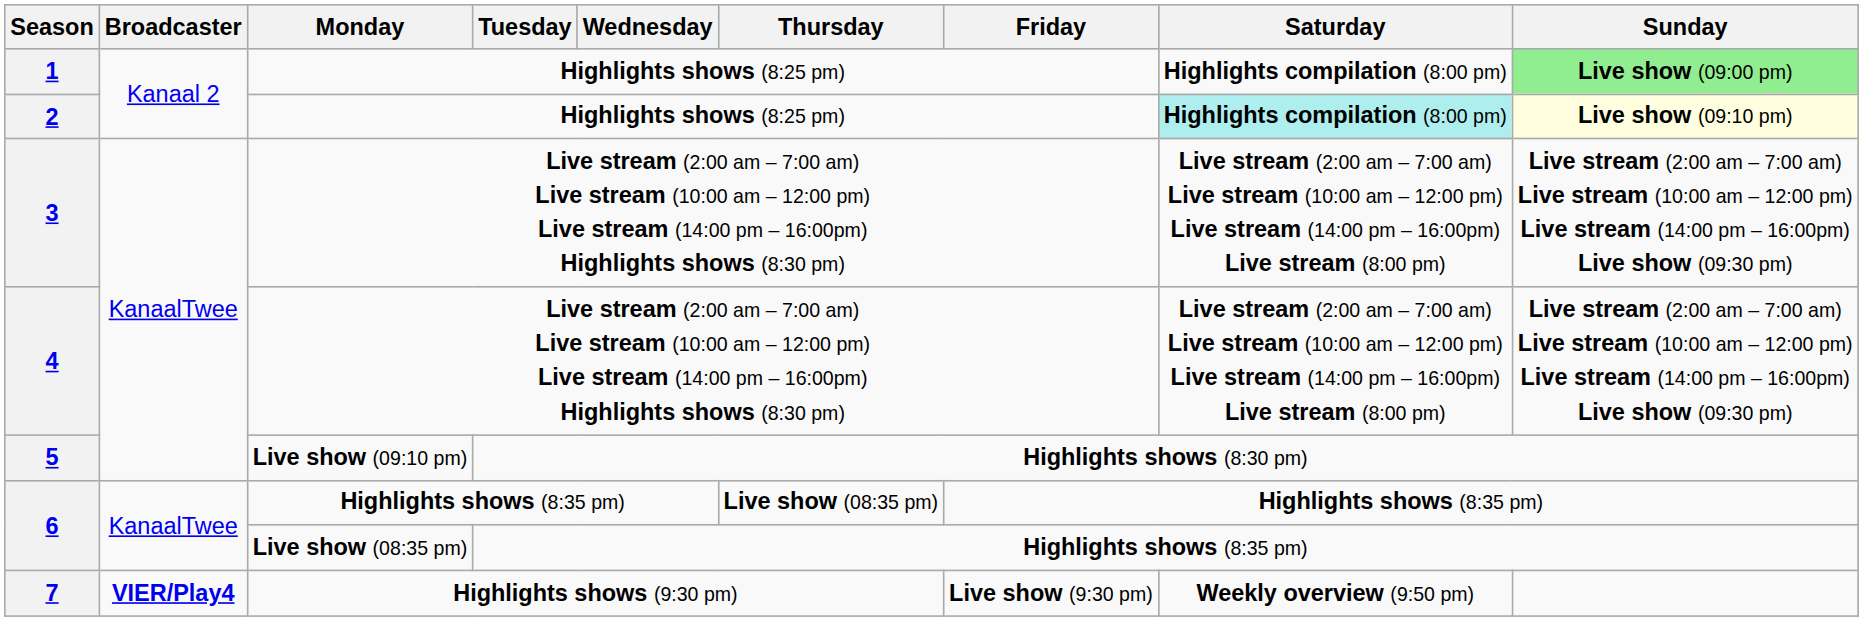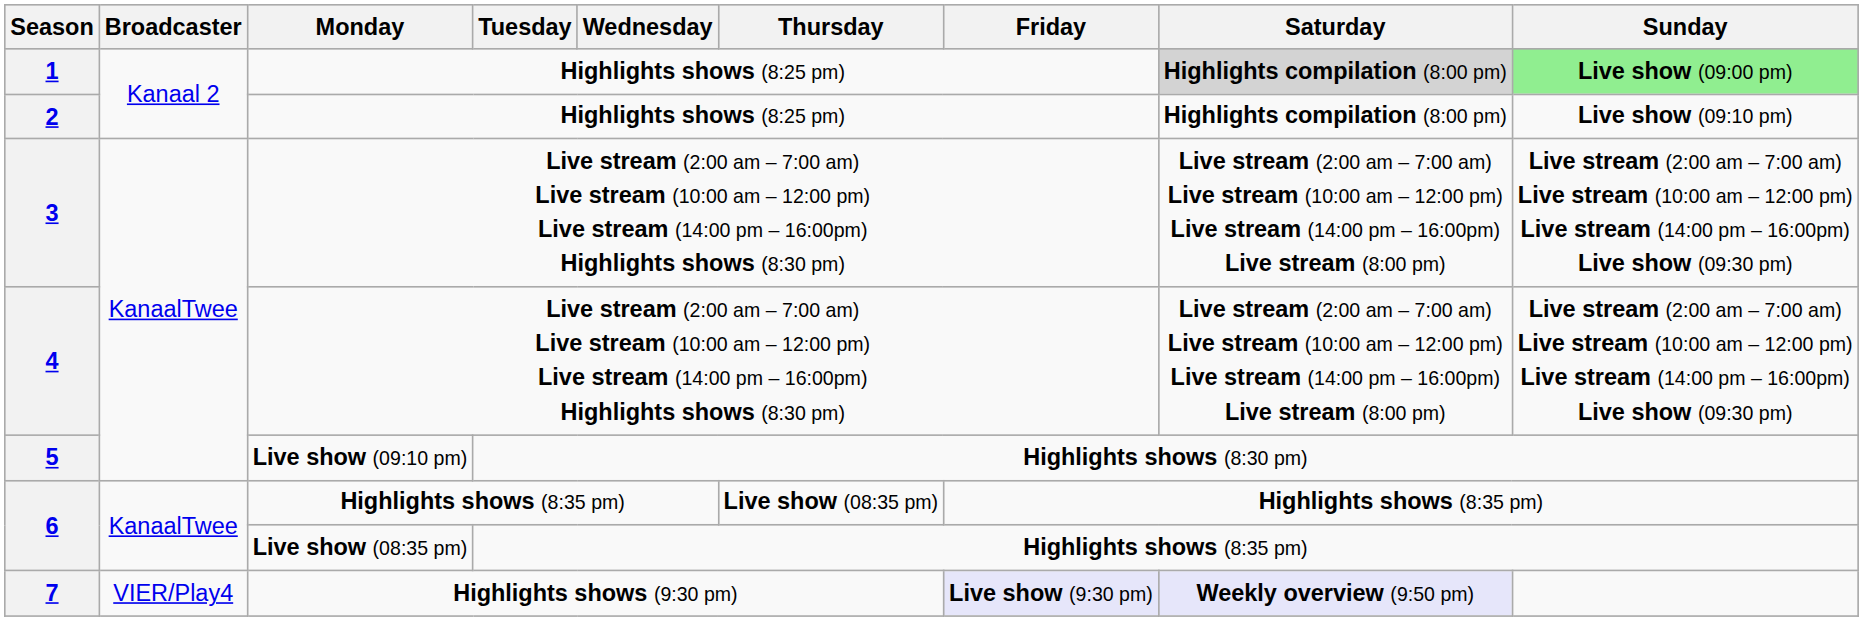 <table class="wikitable" style="text-align:center; font-size:90%; line-height:20px; width:auto">
 <tr>
 <th>Season</th>
 <th>Broadcaster</th>
 <th>Monday</th>
 <th>Tuesday</th>
 <th>Wednesday</th>
 <th>Thursday</th>
 <th>Friday</th>
 <th>Saturday</th>
 <th>Sunday</th>
 </tr>
 <tr>
 <th><a href='#'>1</a></th>
 <td rowspan="2"><a href='#'>Kanaal 2</a></td>
 <td colspan="5"><strong>Highlights shows</strong> <small>(8:25 pm)</small></td>
-<td><strong>Highlights compilation</strong> <small>(8:00 pm)</small></td>
+<td style="background: lightgrey;"><strong>Highlights compilation</strong> <small>(8:00 pm)</small></td>
 <td style="background: lightgreen;"><strong>Live show</strong> <small>(09:00 pm)</small></td>
 </tr>
 <tr>
 <th><a href='#'>2</a></th>
 <td colspan="5"><strong>Highlights shows</strong> <small>(8:25 pm)</small></td>
-<td style="background: paleturquoise;"><strong>Highlights compilation</strong> <small>(8:00 pm)</small></td>
-<td style="background: lightyellow;"><strong>Live show</strong> <small>(09:10 pm)</small></td>
+<td><strong>Highlights compilation</strong> <small>(8:00 pm)</small></td>
+<td><strong>Live show</strong> <small>(09:10 pm)</small></td>
 </tr>
 <tr>
 <th><a href='#'>3</a></th>
 <td rowspan="3"><a href='#'>KanaalTwee</a></td>
 <td colspan="5"><strong>Live stream</strong> <small>(2:00 am – 7:00 am)</small><br> <strong>Live stream</strong> <small>(10:00 am – 12:00 pm)</small><br> <strong>Live stream</strong> <small>(14:00 pm – 16:00pm)</small> <br> <strong>Highlights shows</strong> <small>(8:30 pm)</small></td>
 <td><strong>Live stream</strong> <small>(2:00 am – 7:00 am)</small><br> <strong>Live stream</strong> <small>(10:00 am – 12:00 pm)</small><br> <strong>Live stream</strong> <small>(14:00 pm – 16:00pm)</small> <br><strong>Live stream</strong> <small>(8:00 pm)</small></td>
 <td><strong>Live stream</strong> <small>(2:00 am – 7:00 am)</small><br> <strong>Live stream</strong> <small>(10:00 am – 12:00 pm)</small><br> <strong>Live stream</strong> <small>(14:00 pm – 16:00pm)</small> <br><strong>Live show</strong> <small>(09:30 pm)</small></td>
 </tr>
 <tr>
 <th><a href='#'>4</a></th>
 <td colspan="5"><strong>Live stream</strong> <small>(2:00 am – 7:00 am)</small><br> <strong>Live stream</strong> <small>(10:00 am – 12:00 pm)</small><br> <strong>Live stream</strong> <small>(14:00 pm – 16:00pm)</small> <br> <strong>Highlights shows</strong> <small>(8:30 pm)</small></td>
 <td><strong>Live stream</strong> <small>(2:00 am – 7:00 am)</small><br> <strong>Live stream</strong> <small>(10:00 am – 12:00 pm)</small><br> <strong>Live stream</strong> <small>(14:00 pm – 16:00pm)</small> <br><strong>Live stream</strong> <small>(8:00 pm)</small></td>
 <td><strong>Live stream</strong> <small>(2:00 am – 7:00 am)</small><br> <strong>Live stream</strong> <small>(10:00 am – 12:00 pm)</small><br> <strong>Live stream</strong> <small>(14:00 pm – 16:00pm)</small> <br><strong>Live show</strong> <small>(09:30 pm)</small></td>
 </tr>
 <tr>
 <th><a href='#'>5</a></th>
 <td><strong>Live show</strong> <small>(09:10 pm)</small></td>
 <td colspan="6"><strong>Highlights shows</strong> <small>(8:30 pm)</small></td>
 </tr>
 <tr>
 <th rowspan="2"><a href='#'>6</a></th>
 <td rowspan="2"><a href='#'>KanaalTwee</a></td>
 <td colspan="3"><strong>Highlights shows</strong> <small>(8:35 pm)</small></td>
 <td><strong>Live show</strong> <small>(08:35 pm)</small></td>
 <td colspan="3"><strong>Highlights shows</strong> <small>(8:35 pm)</small></td>
 </tr>
 <tr>
 <td><strong>Live show</strong> <small>(08:35 pm)</small></td>
 <td colspan="6"><strong>Highlights shows</strong> <small>(8:35 pm)</small></td>
 </tr>
 <tr>
 <th rowspan="3"><a href='#'>7</a></th>
-<td><strong><a href='#'>VIER/Play4</a></strong></td>
+<td><a href='#'>VIER/Play4</a></td>
 <td colspan="4"><strong>Highlights shows</strong> <small>(9:30 pm)</small></td>
-<td><strong>Live show</strong> <small>(9:30 pm)</small></td>
-<td><strong>Weekly overview</strong> <small>(9:50 pm)</small></td>
+<td style="background: lavender;"><strong>Live show</strong> <small>(9:30 pm)</small></td>
+<td style="background: lavender;"><strong>Weekly overview</strong> <small>(9:50 pm)</small></td>
 <td></td>
 </tr>
 </table>
